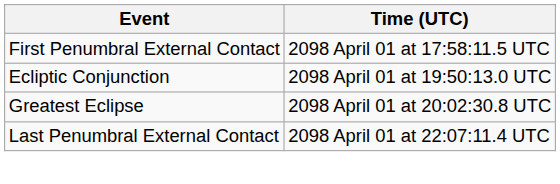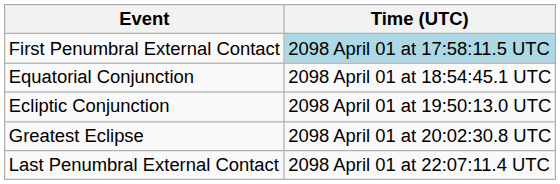 <table class="wikitable">
 <tr>
 <th>Event</th>
 <th>Time (UTC)</th>
 </tr>
 <tr>
 <td>First Penumbral External Contact</td>
-<td>2098 April 01 at 17:58:11.5 UTC</td>
+<td style="background: lightblue;">2098 April 01 at 17:58:11.5 UTC</td>
+</tr>
+<tr>
+<td>Equatorial Conjunction</td>
+<td>2098 April 01 at 18:54:45.1 UTC</td>
 </tr>
 <tr>
 <td>Ecliptic Conjunction</td>
 <td>2098 April 01 at 19:50:13.0 UTC</td>
 </tr>
 <tr>
 <td>Greatest Eclipse</td>
 <td>2098 April 01 at 20:02:30.8 UTC</td>
 </tr>
 <tr>
 <td>Last Penumbral External Contact</td>
 <td>2098 April 01 at 22:07:11.4 UTC</td>
 </tr>
 </table>
